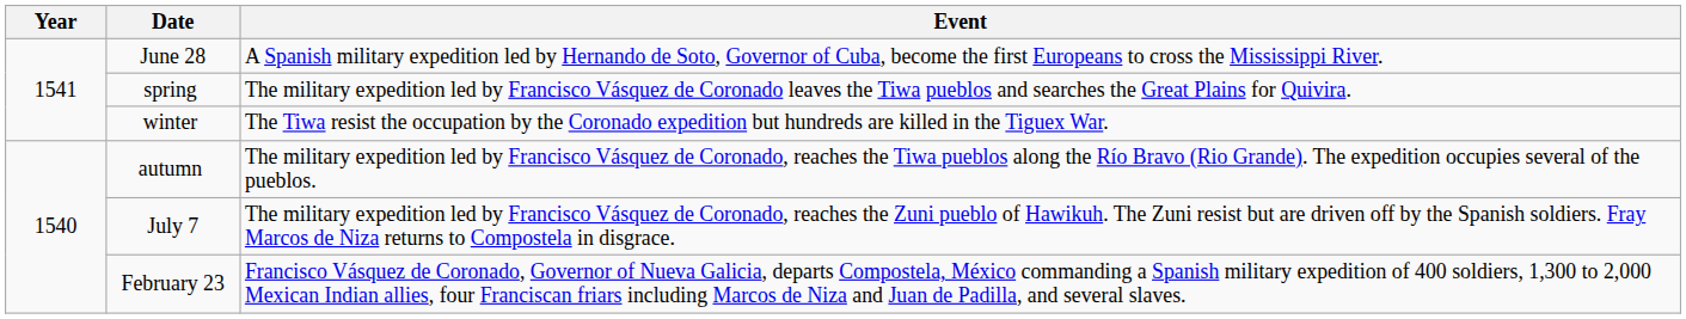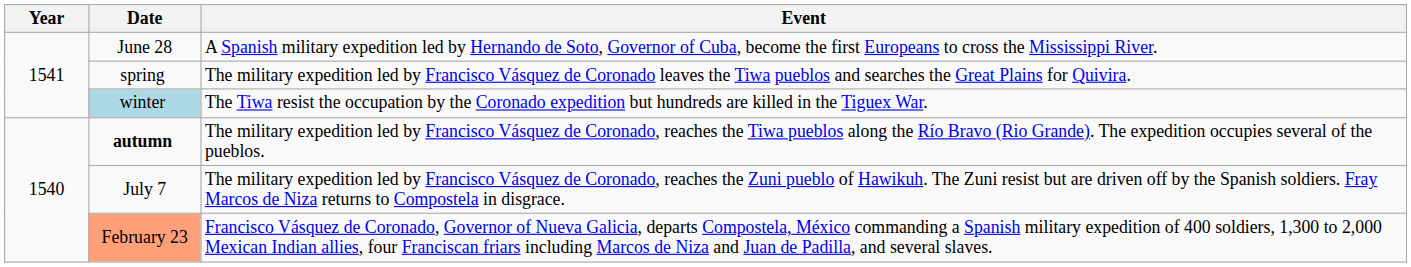 <table class="wikitable" style="width:100%;">
 <tr>
 <th style="width:6%">Year</th>
 <th style="width:8%">Date</th>
 <th style="width:86%">Event</th>
 </tr>
 <tr>
 <td align=center rowspan=3>1541</td>
 <td align=center>June 28</td>
 <td>A <a href='#'>Spanish</a> military expedition led by <a href='#'>Hernando de Soto</a>, <a href='#'>Governor of Cuba</a>, become the first <a href='#'>Europeans</a> to cross the <a href='#'>Mississippi River</a>.</td>
 </tr>
 <tr>
 <td align=center>spring </td>
 <td>The military expedition led by <a href='#'>Francisco Vásquez de Coronado</a> leaves the <a href='#'>Tiwa</a> <a href='#'>pueblos</a> and searches the <a href='#'>Great Plains</a> for <a href='#'>Quivira</a>.</td>
 </tr>
 <tr>
-<td align=center>winter </td>
+<td align=center style="background: lightblue;">winter </td>
 <td>The <a href='#'>Tiwa</a> resist the occupation by the <a href='#'>Coronado expedition</a> but hundreds are killed in the <a href='#'>Tiguex War</a>.</td>
 </tr>
 <tr>
 <td align=center rowspan=3>1540</td>
-<td align=center>autumn </td>
+<td align=center><strong>autumn </strong></td>
 <td>The military expedition led by <a href='#'>Francisco Vásquez de Coronado</a>, reaches the <a href='#'>Tiwa pueblos</a> along the <a href='#'>Río Bravo (Rio Grande)</a>. The expedition occupies several of the pueblos.</td>
 </tr>
 <tr>
 <td align=center>July 7</td>
 <td>The military expedition led by <a href='#'>Francisco Vásquez de Coronado</a>, reaches the <a href='#'>Zuni pueblo</a> of <a href='#'>Hawikuh</a>. The Zuni resist but are driven off by the Spanish soldiers. <a href='#'>Fray Marcos de Niza</a> returns to <a href='#'>Compostela</a> in disgrace.</td>
 </tr>
 <tr>
-<td align=center>February 23</td>
+<td align=center style="background: lightsalmon;">February 23</td>
 <td><a href='#'>Francisco Vásquez de Coronado</a>, <a href='#'>Governor of Nueva Galicia</a>, departs <a href='#'>Compostela, México</a> commanding a <a href='#'>Spanish</a> military expedition of 400 soldiers, 1,300 to 2,000 <a href='#'>Mexican Indian allies</a>, four <a href='#'>Franciscan friars</a> including <a href='#'>Marcos de Niza</a> and <a href='#'>Juan de Padilla</a>, and several slaves.</td>
 </tr>
 </table>
